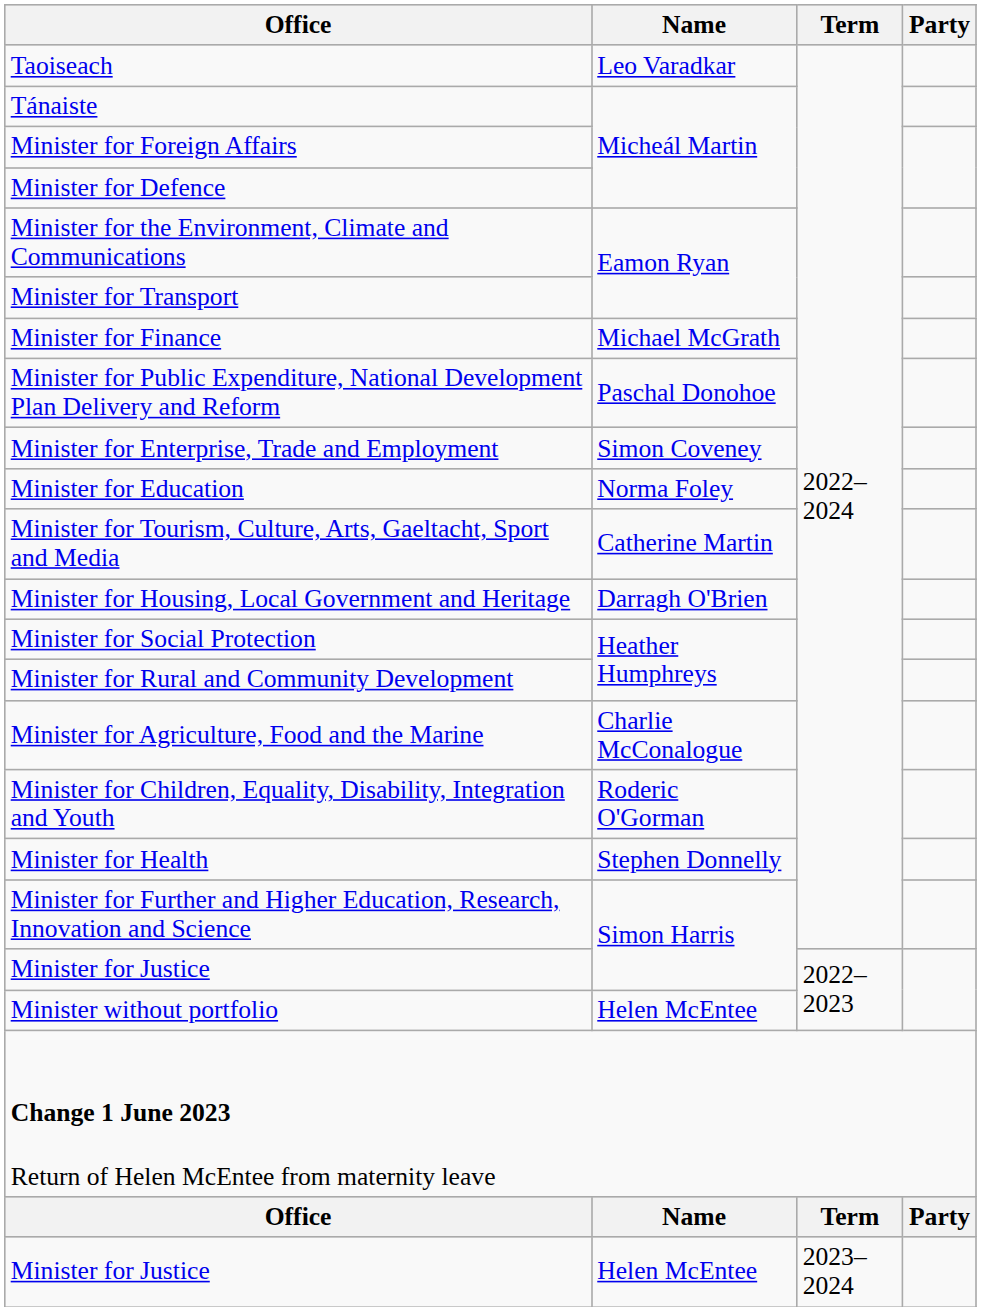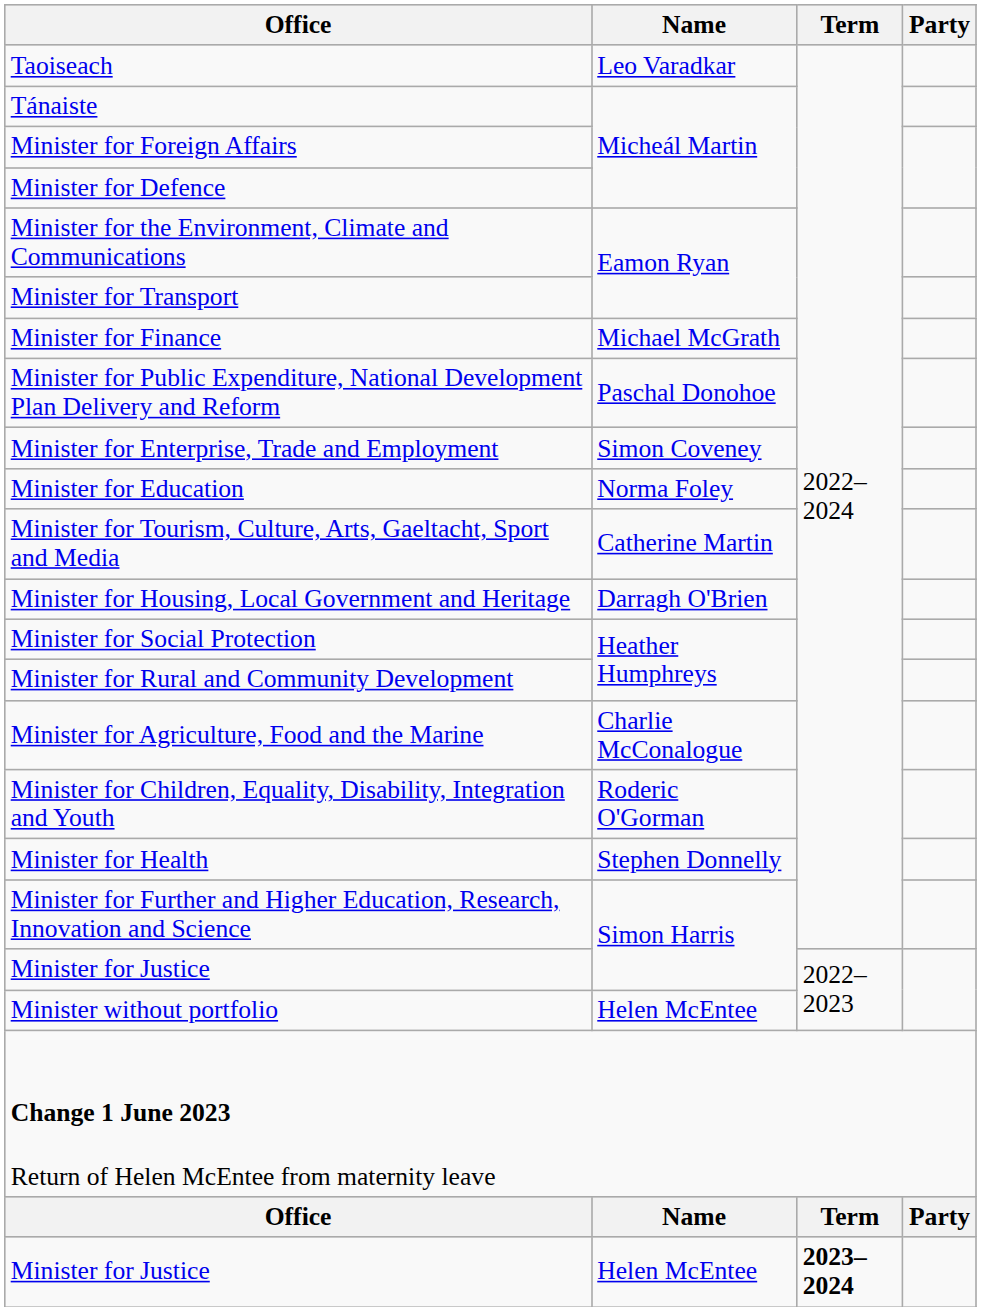 <table class="wikitable">
 <tr>
 <th>Office</th>
 <th>Name</th>
 <th>Term</th>
 <th colspan="2">Party</th>
 </tr>
 <tr>
 <td><a href='#'>Taoiseach</a></td>
 <td><a href='#'>Leo Varadkar</a></td>
 <td rowspan="18">2022–2024</td>
 <td></td>
 </tr>
 <tr>
 <td><a href='#'>Tánaiste</a></td>
 <td rowspan=3><a href='#'>Micheál Martin</a></td>
 <td></td>
 </tr>
 <tr>
 <td><a href='#'>Minister for Foreign Affairs</a></td>
 </tr>
 <tr>
 <td><a href='#'>Minister for Defence</a></td>
 </tr>
 <tr>
 <td><a href='#'>Minister for the Environment, Climate and Communications</a></td>
 <td rowspan=2><a href='#'>Eamon Ryan</a></td>
 <td></td>
 </tr>
 <tr>
 <td><a href='#'>Minister for Transport</a></td>
 </tr>
 <tr>
 <td><a href='#'>Minister for Finance</a></td>
 <td><a href='#'>Michael McGrath</a></td>
 <td></td>
 </tr>
 <tr>
 <td><a href='#'>Minister for Public Expenditure, National Development Plan Delivery and Reform</a></td>
 <td><a href='#'>Paschal Donohoe</a></td>
 <td></td>
 </tr>
 <tr>
 <td><a href='#'>Minister for Enterprise, Trade and Employment</a></td>
 <td><a href='#'>Simon Coveney</a></td>
 <td></td>
 </tr>
 <tr>
 <td><a href='#'>Minister for Education</a></td>
 <td><a href='#'>Norma Foley</a></td>
 <td></td>
 </tr>
 <tr>
 <td><a href='#'>Minister for Tourism, Culture, Arts, Gaeltacht, Sport and Media</a></td>
 <td><a href='#'>Catherine Martin</a></td>
 <td></td>
 </tr>
 <tr>
 <td><a href='#'>Minister for Housing, Local Government and Heritage</a></td>
 <td><a href='#'>Darragh O'Brien</a></td>
 <td></td>
 </tr>
 <tr>
 <td><a href='#'>Minister for Social Protection</a></td>
 <td rowspan=2><a href='#'>Heather Humphreys</a></td>
 <td></td>
 </tr>
 <tr>
 <td><a href='#'>Minister for Rural and Community Development</a></td>
 </tr>
 <tr>
 <td><a href='#'>Minister for Agriculture, Food and the Marine</a></td>
 <td><a href='#'>Charlie McConalogue</a></td>
 <td></td>
 </tr>
 <tr>
 <td><a href='#'>Minister for Children, Equality, Disability, Integration and Youth</a></td>
 <td><a href='#'>Roderic O'Gorman</a></td>
 <td></td>
 </tr>
 <tr>
 <td><a href='#'>Minister for Health</a></td>
 <td><a href='#'>Stephen Donnelly</a></td>
 <td></td>
 </tr>
 <tr>
 <td><a href='#'>Minister for Further and Higher Education, Research, Innovation and Science</a></td>
 <td rowspan=2><a href='#'>Simon Harris</a></td>
 <td></td>
 </tr>
 <tr>
 <td><a href='#'>Minister for Justice</a></td>
 <td rowspan="2">2022–2023</td>
 </tr>
 <tr>
 <td><a href='#'>Minister without portfolio</a></td>
 <td><a href='#'>Helen McEntee</a></td>
 </tr>
 <tr>
 <td colspan="5"><br><h4>Change 1 June 2023</h4>Return of Helen McEntee from maternity leave</td>
 </tr>
 <tr>
 <th>Office</th>
 <th>Name</th>
 <th>Term</th>
 <th colspan="2">Party</th>
 </tr>
 <tr>
 <td><a href='#'>Minister for Justice</a></td>
 <td><a href='#'>Helen McEntee</a></td>
-<td>2023–2024</td>
+<td><strong>2023–2024</strong></td>
 <td></td>
 </tr>
 </table>
